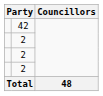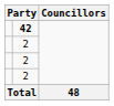 <table class="wikitable">
 <tr>
 <th colspan=2>Party</th>
 <th>Councillors</th>
 </tr>
 <tr>
 <td></td>
-<td align=center>42</td>
+<td align=center><strong>42</strong></td>
 </tr>
 <tr>
 <td></td>
 <td align=center>2</td>
 </tr>
 <tr>
 <td></td>
 <td align=center>2</td>
 </tr>
 <tr>
 <td></td>
 <td align=center>2</td>
 </tr>
 <tr>
 <th colspan=2>Total</th>
 <th>48</th>
 </tr>
 </table>
